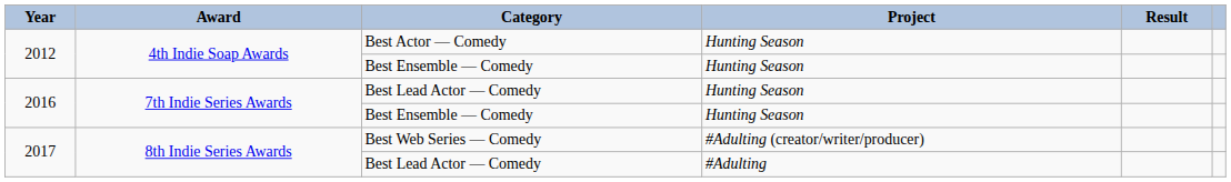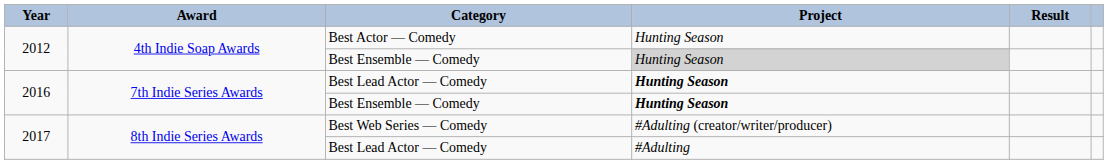 <table class=wikitable  style="width:100%">
 <tr>
 <th style="background:#B0C4DE; color:#000000;">Year</th>
 <th style="background:#B0C4DE; color:#000000;">Award</th>
 <th style="background:#B0C4DE; color:#000000;">Category</th>
 <th style="background:#B0C4DE; color:#000000;">Project</th>
 <th style="background:#B0C4DE; color:#000000;">Result</th>
 <th style="background:#B0C4DE; color:#000000;"></th>
 </tr>
 <tr>
 <td rowspan="2" align="center">2012</td>
 <td rowspan="2" align="center"><a href='#'>4th Indie Soap Awards</a></td>
 <td>Best Actor — Comedy</td>
 <td><em>Hunting Season</em></td>
 <td></td>
 <td align=center></td>
 </tr>
 <tr>
 <td>Best Ensemble — Comedy</td>
-<td><em>Hunting Season</em></td>
+<td style="background: lightgrey;"><em>Hunting Season</em></td>
 <td></td>
 <td align=center></td>
 </tr>
 <tr>
 <td rowspan="2" align="center">2016</td>
 <td rowspan="2" align="center"><a href='#'>7th Indie Series Awards</a></td>
 <td>Best Lead Actor — Comedy</td>
-<td><em>Hunting Season</em></td>
+<td><strong><em>Hunting Season</em></strong></td>
 <td></td>
 <td align=center></td>
 </tr>
 <tr>
 <td>Best Ensemble — Comedy</td>
-<td><em>Hunting Season</em></td>
+<td><strong><em>Hunting Season</em></strong></td>
 <td></td>
 <td align=center></td>
 </tr>
 <tr>
 <td rowspan="2" align="center">2017</td>
 <td rowspan="2" align="center"><a href='#'>8th Indie Series Awards</a></td>
 <td>Best Web Series — Comedy</td>
 <td><em>#Adulting</em> (creator/writer/producer)</td>
 <td></td>
 <td align=center></td>
 </tr>
 <tr>
 <td>Best Lead Actor — Comedy</td>
 <td><em>#Adulting</em></td>
 <td></td>
 <td align=center></td>
 </tr>
 </table>
